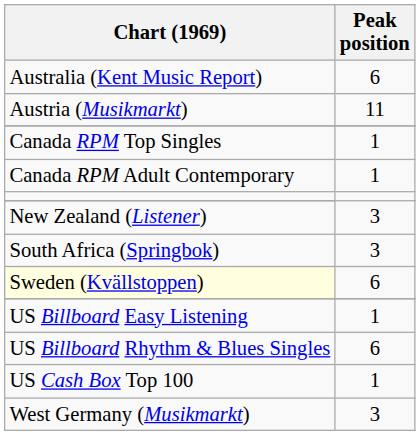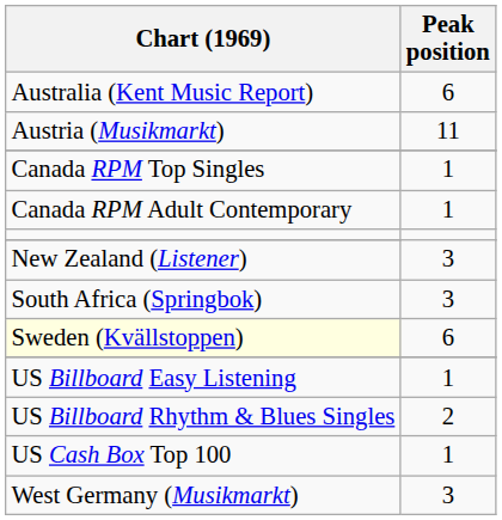 <table class="wikitable sortable">
 <tr>
 <th>Chart (1969)</th>
 <th>Peak<br>position</th>
 </tr>
 <tr>
 <td>Australia (<a href='#'>Kent Music Report</a>)</td>
 <td style="text-align:center;">6</td>
 </tr>
 <tr>
 <td>Austria (<em><a href='#'>Musikmarkt</a></em>)</td>
 <td style="text-align:center;">11</td>
 </tr>
 <tr>
 </tr>
 <tr>
 <td>Canada <em><a href='#'>RPM</a></em> Top Singles</td>
 <td style="text-align:center;">1</td>
 </tr>
 <tr>
 <td>Canada <em>RPM</em> Adult Contemporary</td>
 <td style="text-align:center;">1</td>
 </tr>
 <tr>
 <td></td>
 </tr>
 <tr>
 </tr>
 <tr>
 </tr>
 <tr>
 <td>New Zealand (<em><a href='#'>Listener</a></em>)</td>
 <td style="text-align:center;">3</td>
 </tr>
 <tr>
 <td>South Africa (<a href='#'>Springbok</a>)</td>
 <td align="center">3</td>
 </tr>
 <tr>
 <td style="background: lightyellow;">Sweden (<a href='#'>Kvällstoppen</a>)</td>
 <td align="center">6</td>
 </tr>
 <tr>
 </tr>
 <tr>
 </tr>
 <tr>
 </tr>
 <tr>
 <td>US <em><a href='#'>Billboard</a></em> <a href='#'>Easy Listening</a></td>
 <td style="text-align:center;">1</td>
 </tr>
 <tr>
 <td>US <em><a href='#'>Billboard</a></em> <a href='#'>Rhythm & Blues Singles</a></td>
-<td style="text-align:center;">6</td>
+<td style="text-align:center;">2</td>
 </tr>
 <tr>
 <td>US <a href='#'><em>Cash Box</em></a> Top 100</td>
 <td style="text-align:center;">1</td>
 </tr>
 <tr>
 <td>West Germany (<em><a href='#'>Musikmarkt</a></em>)</td>
 <td style="text-align:center;">3</td>
 </tr>
 </table>
